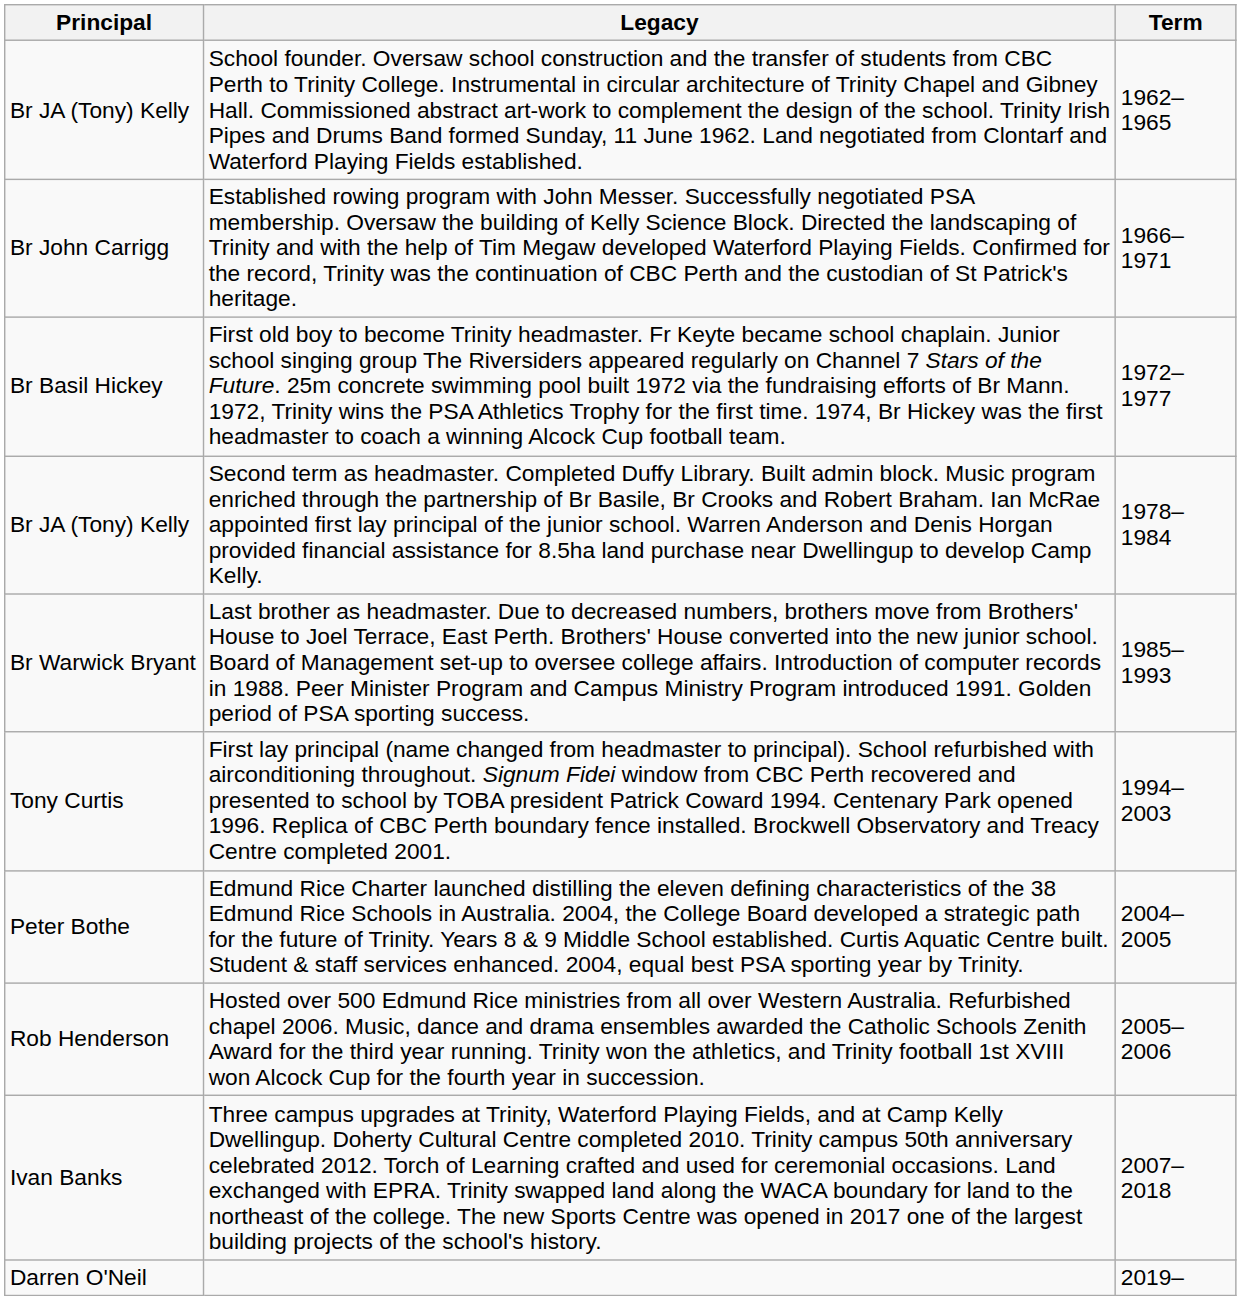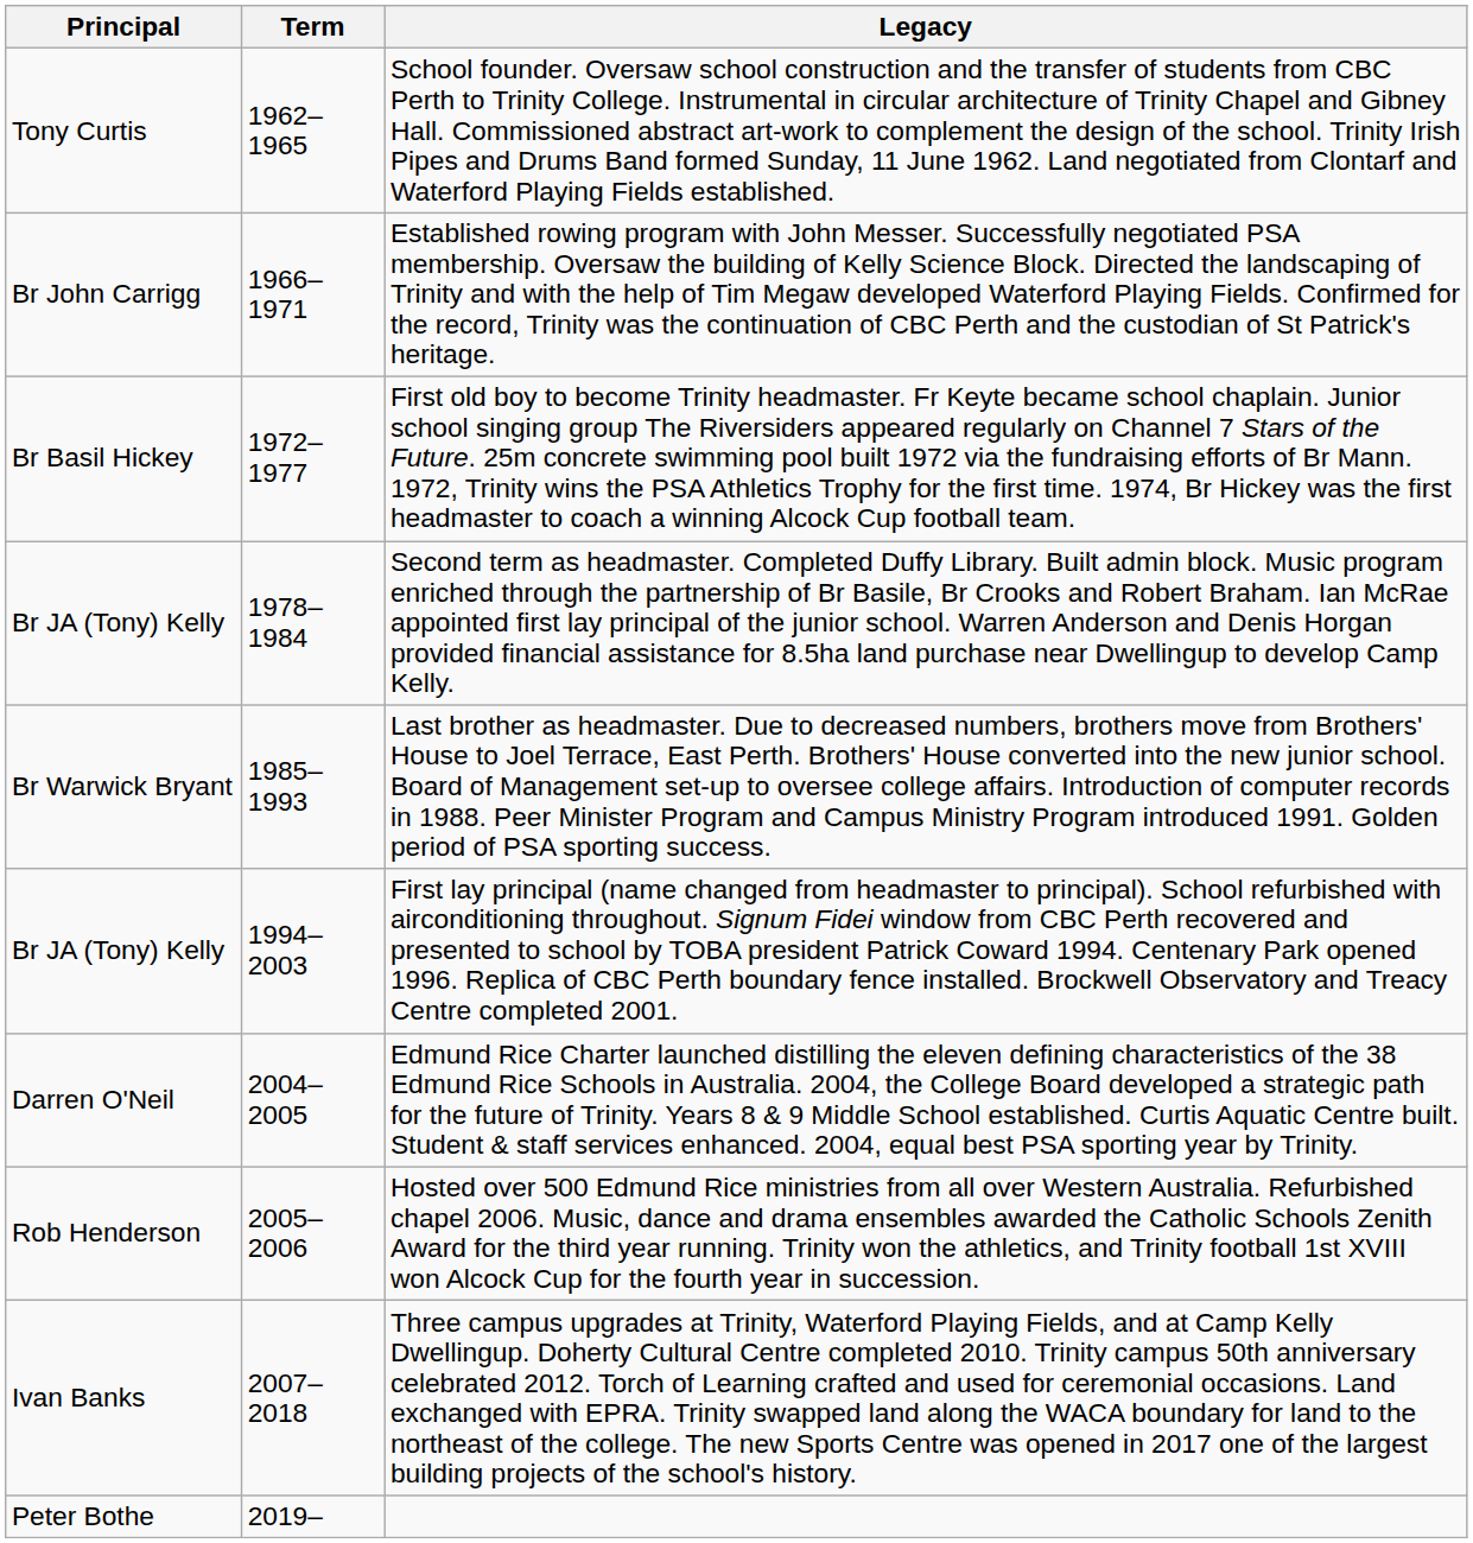 <table class="wikitable">
 <tr>
 <th width="170">Principal</th>
+<th width="100">Term</th>
 <th width="1000">Legacy</th>
-<th width="100">Term</th>
+</tr>
+<tr>
+<td>Tony Curtis</td>
+<td>1962–1965</td>
+<td>School founder. Oversaw school construction and the transfer of students from CBC Perth to Trinity College. Instrumental in circular architecture of Trinity Chapel and Gibney Hall. Commissioned abstract art-work to complement the design of the school. Trinity Irish Pipes and Drums Band formed Sunday, 11 June 1962. Land negotiated from Clontarf and Waterford Playing Fields established.</td>
+</tr>
+<tr>
+<td>Br John Carrigg</td>
+<td>1966–1971</td>
+<td>Established rowing program with John Messer. Successfully negotiated PSA membership. Oversaw the building of Kelly Science Block. Directed the landscaping of Trinity and with the help of Tim Megaw developed Waterford Playing Fields. Confirmed for the record, Trinity was the continuation of CBC Perth and the custodian of St Patrick's heritage.</td>
+</tr>
+<tr>
+<td>Br Basil Hickey</td>
+<td>1972–1977</td>
+<td>First old boy to become Trinity headmaster. Fr Keyte became school chaplain. Junior school singing group The Riversiders appeared regularly on Channel 7 <em>Stars of the Future</em>. 25m concrete swimming pool built 1972 via the fundraising efforts of Br Mann. 1972, Trinity wins the PSA Athletics Trophy for the first time. 1974, Br Hickey was the first headmaster to coach a winning Alcock Cup football team.</td>
 </tr>
 <tr>
 <td>Br JA (Tony) Kelly</td>
-<td>School founder. Oversaw school construction and the transfer of students from CBC Perth to Trinity College. Instrumental in circular architecture of Trinity Chapel and Gibney Hall. Commissioned abstract art-work to complement the design of the school. Trinity Irish Pipes and Drums Band formed Sunday, 11 June 1962. Land negotiated from Clontarf and Waterford Playing Fields established.</td>
-<td>1962–1965</td>
+<td>1978–1984</td>
+<td>Second term as headmaster. Completed Duffy Library. Built admin block. Music program enriched through the partnership of Br Basile, Br Crooks and Robert Braham. Ian McRae appointed first lay principal of the junior school. Warren Anderson and Denis Horgan provided financial assistance for 8.5ha land purchase near Dwellingup to develop Camp Kelly.</td>
 </tr>
 <tr>
-<td>Br John Carrigg</td>
-<td>Established rowing program with John Messer. Successfully negotiated PSA membership. Oversaw the building of Kelly Science Block. Directed the landscaping of Trinity and with the help of Tim Megaw developed Waterford Playing Fields. Confirmed for the record, Trinity was the continuation of CBC Perth and the custodian of St Patrick's heritage.</td>
-<td>1966–1971</td>
-</tr>
-<tr>
-<td>Br Basil Hickey</td>
-<td>First old boy to become Trinity headmaster. Fr Keyte became school chaplain. Junior school singing group The Riversiders appeared regularly on Channel 7 <em>Stars of the Future</em>. 25m concrete swimming pool built 1972 via the fundraising efforts of Br Mann. 1972, Trinity wins the PSA Athletics Trophy for the first time. 1974, Br Hickey was the first headmaster to coach a winning Alcock Cup football team.</td>
-<td>1972–1977</td>
+<td>Br Warwick Bryant</td>
+<td>1985–1993</td>
+<td>Last brother as headmaster. Due to decreased numbers, brothers move from Brothers' House to Joel Terrace, East Perth. Brothers' House converted into the new junior school. Board of Management set-up to oversee college affairs. Introduction of computer records in 1988. Peer Minister Program and Campus Ministry Program introduced 1991. Golden period of PSA sporting success.</td>
 </tr>
 <tr>
 <td>Br JA (Tony) Kelly</td>
-<td>Second term as headmaster. Completed Duffy Library. Built admin block. Music program enriched through the partnership of Br Basile, Br Crooks and Robert Braham. Ian McRae appointed first lay principal of the junior school. Warren Anderson and Denis Horgan provided financial assistance for 8.5ha land purchase near Dwellingup to develop Camp Kelly.</td>
-<td>1978–1984</td>
+<td>1994–2003</td>
+<td>First lay principal (name changed from headmaster to principal). School refurbished with airconditioning throughout. <em>Signum Fidei</em> window from CBC Perth recovered and presented to school by TOBA president Patrick Coward 1994. Centenary Park opened 1996. Replica of CBC Perth boundary fence installed.  Brockwell Observatory and Treacy Centre completed 2001.</td>
 </tr>
 <tr>
-<td>Br Warwick Bryant</td>
-<td>Last brother as headmaster. Due to decreased numbers, brothers move from Brothers' House to Joel Terrace, East Perth. Brothers' House converted into the new junior school. Board of Management set-up to oversee college affairs. Introduction of computer records in 1988. Peer Minister Program and Campus Ministry Program introduced 1991. Golden period of PSA sporting success.</td>
-<td>1985–1993</td>
+<td>Darren O'Neil</td>
+<td>2004–2005</td>
+<td>Edmund Rice Charter launched distilling the eleven defining characteristics of the 38 Edmund Rice Schools in Australia. 2004, the College Board developed a strategic path for the future of Trinity. Years 8 & 9 Middle School established. Curtis Aquatic Centre built. Student & staff services enhanced. 2004, equal best PSA sporting year by Trinity.</td>
 </tr>
 <tr>
-<td>Tony Curtis</td>
-<td>First lay principal (name changed from headmaster to principal). School refurbished with airconditioning throughout. <em>Signum Fidei</em> window from CBC Perth recovered and presented to school by TOBA president Patrick Coward 1994. Centenary Park opened 1996. Replica of CBC Perth boundary fence installed.  Brockwell Observatory and Treacy Centre completed 2001.</td>
-<td>1994–2003</td>
+<td>Rob Henderson</td>
+<td>2005–2006</td>
+<td>Hosted over 500 Edmund Rice ministries from all over Western Australia. Refurbished chapel 2006. Music, dance and drama ensembles awarded the Catholic Schools Zenith Award for the third year running. Trinity won the athletics, and Trinity football 1st XVIII won Alcock Cup for the fourth year in succession.</td>
+</tr>
+<tr>
+<td>Ivan Banks</td>
+<td>2007–2018</td>
+<td>Three campus upgrades at Trinity, Waterford Playing Fields, and at Camp Kelly Dwellingup. Doherty Cultural Centre completed 2010. Trinity campus 50th anniversary celebrated 2012. Torch of Learning crafted and used for ceremonial occasions. Land exchanged with EPRA. Trinity swapped land along the WACA boundary for land to the northeast of the college. The new Sports Centre was opened in 2017 one of the largest building projects of the school's history.</td>
 </tr>
 <tr>
 <td>Peter Bothe</td>
-<td>Edmund Rice Charter launched distilling the eleven defining characteristics of the 38 Edmund Rice Schools in Australia. 2004, the College Board developed a strategic path for the future of Trinity. Years 8 & 9 Middle School established. Curtis Aquatic Centre built. Student & staff services enhanced. 2004, equal best PSA sporting year by Trinity.</td>
-<td>2004–2005</td>
-</tr>
-<tr>
-<td>Rob Henderson</td>
-<td>Hosted over 500 Edmund Rice ministries from all over Western Australia. Refurbished chapel 2006. Music, dance and drama ensembles awarded the Catholic Schools Zenith Award for the third year running. Trinity won the athletics, and Trinity football 1st XVIII won Alcock Cup for the fourth year in succession.</td>
-<td>2005–2006</td>
-</tr>
-<tr>
-<td>Ivan Banks</td>
-<td>Three campus upgrades at Trinity, Waterford Playing Fields, and at Camp Kelly Dwellingup. Doherty Cultural Centre completed 2010. Trinity campus 50th anniversary celebrated 2012. Torch of Learning crafted and used for ceremonial occasions. Land exchanged with EPRA. Trinity swapped land along the WACA boundary for land to the northeast of the college. The new Sports Centre was opened in 2017 one of the largest building projects of the school's history.</td>
-<td>2007–2018</td>
-</tr>
-<tr>
-<td>Darren O'Neil</td>
+<td>2019–</td>
 <td></td>
-<td>2019–</td>
 </tr>
 </table>
